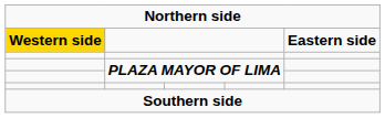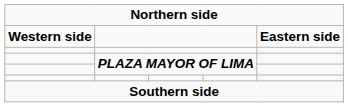 <table class="wikitable" style="margin: 1em auto;">
 <tr>
 <td colspan="5" align=center><strong>Northern side</strong></td>
 </tr>
 <tr ---->
-<td align=center style="background: gold;"><strong>Western side</strong></td>
+<td align=center><strong>Western side</strong></td>
 <td colspan="3"></td>
 <td align=center><strong>Eastern side</strong></td>
 </tr>
 <tr ---->
 <td align=center></td>
 <td colspan=3 align=center></td>
 <td align=center></td>
 </tr>
 <tr ---->
 <td align=center></td>
 <td colspan="3" rowspan=2 align=center><strong><em>PLAZA MAYOR OF LIMA</em></strong></td>
 <td align=center></td>
 </tr>
 <tr ---->
 <td align=center></td>
 <td align=center></td>
 </tr>
 <tr ---->
 <td align=center></td>
 <td></td>
 <td></td>
 <td></td>
 <td align=center></td>
 </tr>
 <tr ---->
 <td colspan="5" align=center><strong>Southern side</strong></td>
 </tr>
 </table>
